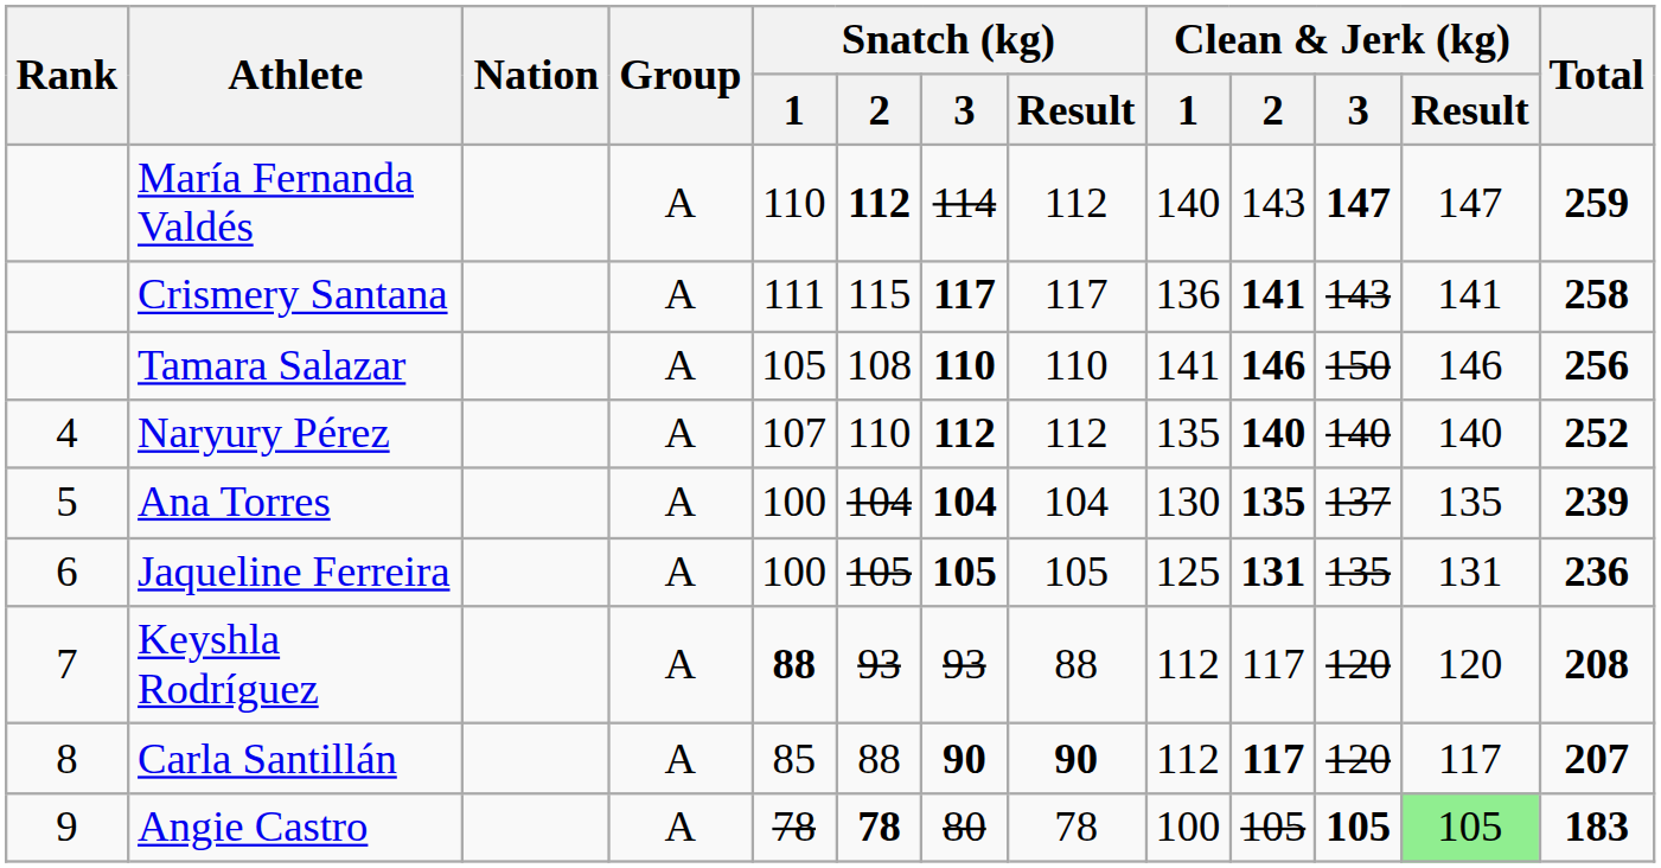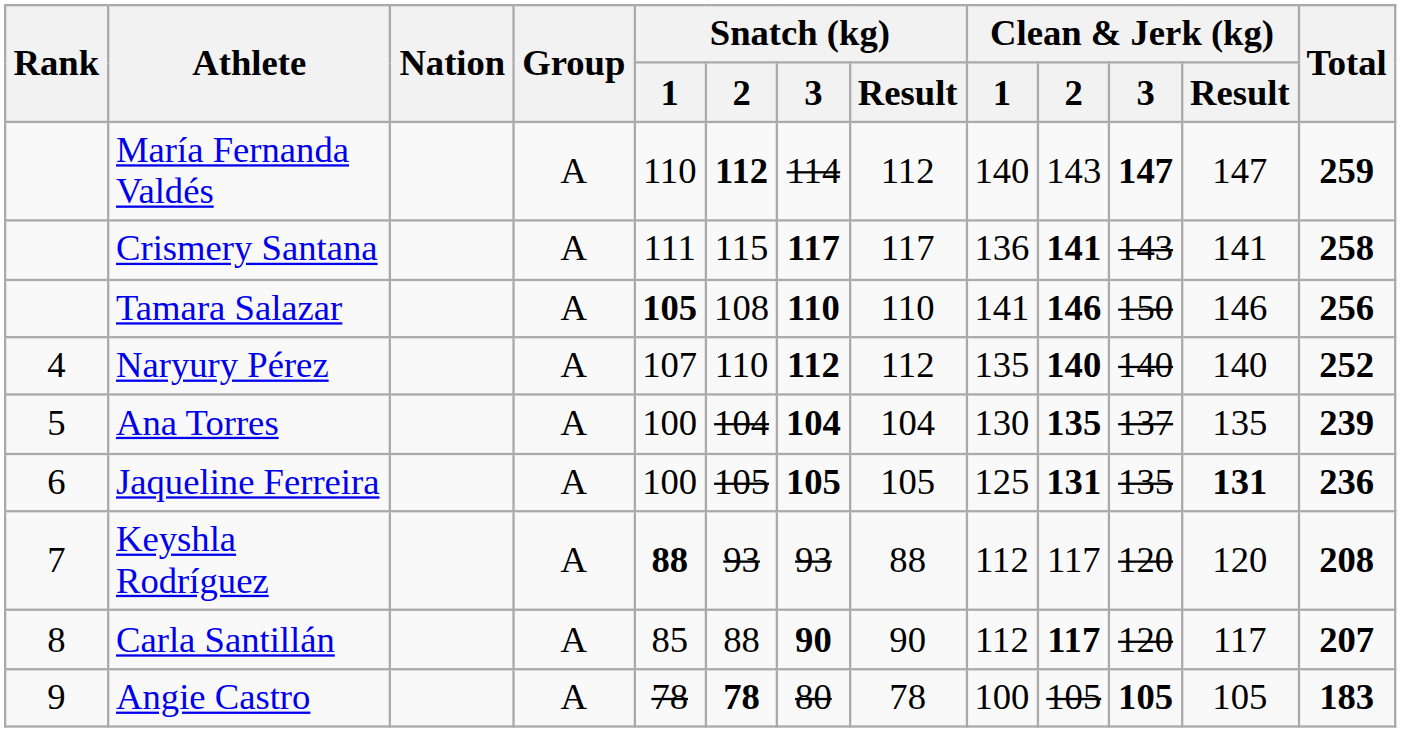 <table class="wikitable sortable" style="text-align:center;">
 <tr>
 <th rowspan=2>Rank</th>
 <th rowspan=2>Athlete</th>
 <th rowspan=2>Nation</th>
 <th rowspan=2>Group</th>
 <th colspan=4>Snatch (kg)</th>
 <th colspan=4>Clean & Jerk (kg)</th>
 <th rowspan=2>Total</th>
 </tr>
 <tr>
 <th>1</th>
 <th>2</th>
 <th>3</th>
 <th>Result</th>
 <th>1</th>
 <th>2</th>
 <th>3</th>
 <th>Result</th>
 </tr>
 <tr>
 <td></td>
 <td align=left><a href='#'>María Fernanda Valdés</a></td>
 <td align=left></td>
 <td>A</td>
 <td>110</td>
 <td><strong>112</strong></td>
 <td><s>114</s></td>
 <td>112</td>
 <td>140</td>
 <td>143</td>
 <td><strong>147</strong></td>
 <td>147</td>
 <td><strong>259</strong></td>
 </tr>
 <tr>
 <td></td>
 <td align=left><a href='#'>Crismery Santana</a></td>
 <td align=left></td>
 <td>A</td>
 <td>111</td>
 <td>115</td>
 <td><strong>117</strong></td>
 <td>117</td>
 <td>136</td>
 <td><strong>141</strong></td>
 <td><s>143</s></td>
 <td>141</td>
 <td><strong>258</strong></td>
 </tr>
 <tr>
 <td></td>
 <td align=left><a href='#'>Tamara Salazar</a></td>
 <td align=left></td>
 <td>A</td>
-<td>105</td>
+<td><strong>105</strong></td>
 <td>108</td>
 <td><strong>110</strong></td>
 <td>110</td>
 <td>141</td>
 <td><strong>146</strong></td>
 <td><s>150</s></td>
 <td>146</td>
 <td><strong>256</strong></td>
 </tr>
 <tr>
 <td>4</td>
 <td align=left><a href='#'>Naryury Pérez</a></td>
 <td align=left></td>
 <td>A</td>
 <td>107</td>
 <td>110</td>
 <td><strong>112</strong></td>
 <td>112</td>
 <td>135</td>
 <td><strong>140</strong></td>
 <td><s>140</s></td>
 <td>140</td>
 <td><strong>252</strong></td>
 </tr>
 <tr>
 <td>5</td>
 <td align=left><a href='#'>Ana Torres</a></td>
 <td align=left></td>
 <td>A</td>
 <td>100</td>
 <td><s>104</s></td>
 <td><strong>104</strong></td>
 <td>104</td>
 <td>130</td>
 <td><strong>135</strong></td>
 <td><s>137</s></td>
 <td>135</td>
 <td><strong>239</strong></td>
 </tr>
 <tr>
 <td>6</td>
 <td align=left><a href='#'>Jaqueline Ferreira</a></td>
 <td align=left></td>
 <td>A</td>
 <td>100</td>
 <td><s>105</s></td>
 <td><strong>105</strong></td>
 <td>105</td>
 <td>125</td>
 <td><strong>131</strong></td>
 <td><s>135</s></td>
-<td>131</td>
+<td><strong>131</strong></td>
 <td><strong>236</strong></td>
 </tr>
 <tr>
 <td>7</td>
 <td align=left><a href='#'>Keyshla Rodríguez</a></td>
 <td align=left></td>
 <td>A</td>
 <td><strong>88</strong></td>
 <td><s>93</s></td>
 <td><s>93</s></td>
 <td>88</td>
 <td>112</td>
 <td>117</td>
 <td><s>120</s></td>
 <td>120</td>
 <td><strong>208</strong></td>
 </tr>
 <tr>
 <td>8</td>
 <td align=left><a href='#'>Carla Santillán</a></td>
 <td align=left></td>
 <td>A</td>
 <td>85</td>
 <td>88</td>
 <td><strong>90</strong></td>
-<td><strong>90</strong></td>
+<td>90</td>
 <td>112</td>
 <td><strong>117</strong></td>
 <td><s>120</s></td>
 <td>117</td>
 <td><strong>207</strong></td>
 </tr>
 <tr>
 <td>9</td>
 <td align=left><a href='#'>Angie Castro</a></td>
 <td align=left></td>
 <td>A</td>
 <td><s>78</s></td>
 <td><strong>78</strong></td>
 <td><s>80</s></td>
 <td>78</td>
 <td>100</td>
 <td><s>105</s></td>
 <td><strong>105</strong></td>
-<td style="background: lightgreen;">105</td>
+<td>105</td>
 <td><strong>183</strong></td>
 </tr>
 </table>
